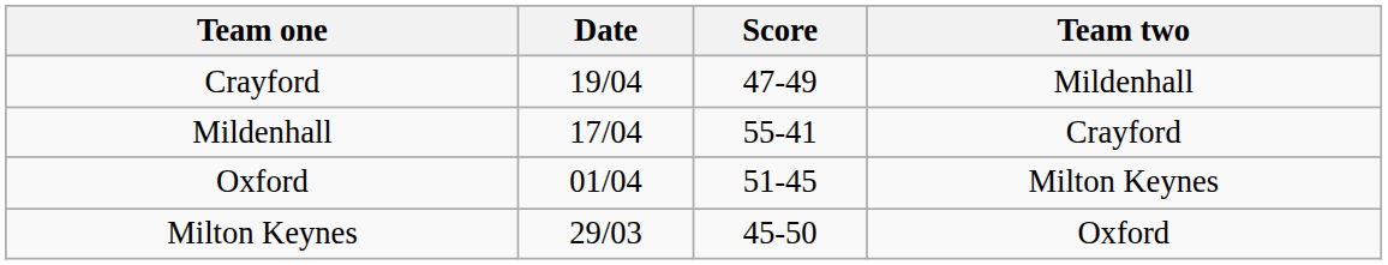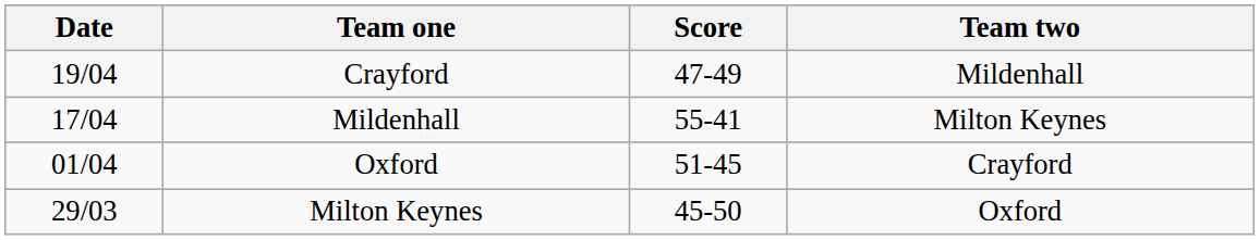 <table class="wikitable" style="text-align: center">
 <tr>
+<th width=80>Date</th>
 <th width=250>Team one</th>
-<th width=80>Date</th>
 <th width=80>Score</th>
 <th width=250>Team two</th>
 </tr>
 <tr>
+<td>19/04</td>
 <td>Crayford</td>
-<td>19/04</td>
 <td>47-49</td>
 <td>Mildenhall</td>
 </tr>
 <tr>
+<td>17/04</td>
 <td>Mildenhall</td>
-<td>17/04</td>
 <td>55-41</td>
+<td>Milton Keynes</td>
+</tr>
+<tr>
+<td>01/04</td>
+<td>Oxford</td>
+<td>51-45</td>
 <td>Crayford</td>
 </tr>
 <tr>
-<td>Oxford</td>
-<td>01/04</td>
-<td>51-45</td>
+<td>29/03</td>
 <td>Milton Keynes</td>
-</tr>
-<tr>
-<td>Milton Keynes</td>
-<td>29/03</td>
 <td>45-50</td>
 <td>Oxford</td>
 </tr>
 </table>
